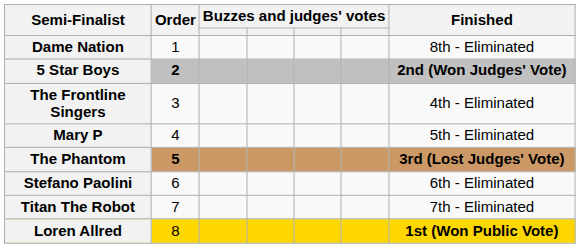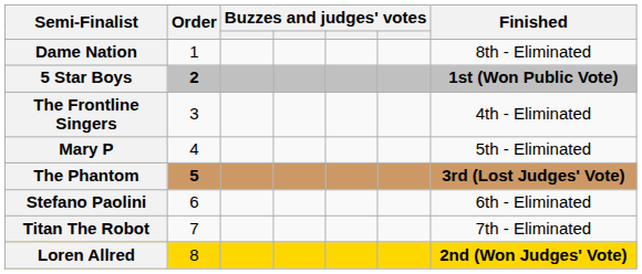 <table class="wikitable plainrowheaders sortable" style="text-align:center;">
 <tr>
 <th scope="col" rowspan="2" class="unsortable" style="width:17em;">Semi-Finalist</th>
 <th scope="col" rowspan="2" style="width:1em;">Order</th>
 <th scope="col" colspan="4" class="unsortable" style="width:24em;">Buzzes and judges' votes</th>
 <th scope="col" rowspan="2" style="width:23em;">Finished</th>
 </tr>
 <tr>
 <th scope="col" class="unsortable" style="width:6em;"></th>
 <th scope="col" class="unsortable" style="width:6em;"></th>
 <th scope="col" class="unsortable" style="width:6em;"></th>
 <th scope="col" class="unsortable" style="width:6em;"></th>
 </tr>
 <tr>
 <th scope="row">Dame Nation</th>
 <td>1</td>
 <td style="text-align:center;"></td>
 <td style="text-align:center;"></td>
 <td style="text-align:center;"></td>
 <td style="text-align:center;"></td>
 <td>8th - Eliminated</td>
 </tr>
 <tr bgcolor=silver>
 <th scope="row"><strong>5 Star Boys</strong></th>
 <td><strong>2</strong></td>
 <td style="text-align:center;"></td>
 <td style="text-align:center;"></td>
 <td style="text-align:center;"></td>
 <td style="text-align:center;"></td>
-<td><strong>2nd (Won Judges' Vote)</strong></td>
+<td><strong>1st (Won Public Vote)</strong></td>
 </tr>
 <tr>
 <th scope="row">The Frontline Singers</th>
 <td>3</td>
 <td style="text-align:center;"></td>
 <td style="text-align:center;"></td>
 <td style="text-align:center;"></td>
 <td style="text-align:center;"></td>
 <td>4th - Eliminated</td>
 </tr>
 <tr>
 <th scope="row">Mary P</th>
 <td>4</td>
 <td style="text-align:center;"></td>
 <td style="text-align:center;"></td>
 <td style="text-align:center;"></td>
 <td style="text-align:center;"></td>
 <td>5th - Eliminated</td>
 </tr>
 <tr bgcolor=#c96>
 <th scope="row"><strong>The Phantom</strong></th>
 <td><strong>5</strong></td>
 <td style="text-align:center;"></td>
 <td style="text-align:center;"></td>
 <td style="text-align:center;"></td>
 <td style="text-align:center;"></td>
 <td><strong>3rd (Lost Judges' Vote)</strong></td>
 </tr>
 <tr>
 <th scope="row">Stefano Paolini</th>
 <td>6</td>
 <td style="text-align:center;"></td>
 <td style="text-align:center;"></td>
 <td style="text-align:center;"></td>
 <td style="text-align:center;"></td>
 <td>6th - Eliminated</td>
 </tr>
 <tr>
 <th scope="row">Titan The Robot</th>
 <td>7</td>
 <td style="text-align:center;"></td>
 <td style="text-align:center;"></td>
 <td style="text-align:center;"></td>
 <td style="text-align:center;"></td>
 <td>7th - Eliminated</td>
 </tr>
 <tr bgcolor=gold>
 <th scope="row"><strong>Loren Allred</strong></th>
 <td>8</td>
 <td style="text-align:center;"></td>
 <td style="text-align:center;"></td>
 <td style="text-align:center;"></td>
 <td style="text-align:center;"></td>
-<td><strong>1st (Won Public Vote)</strong></td>
+<td><strong>2nd (Won Judges' Vote)</strong></td>
 </tr>
 </table>
